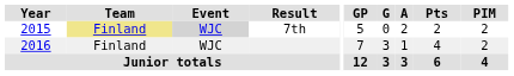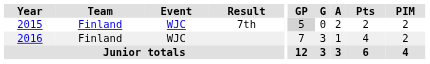 <table border="0" cellpadding="1" cellspacing="0" ID="Table3" style="text-align:center; width:40em">
 <tr ALIGN="center" bgcolor="#e0e0e0">
 <th>Year</th>
 <th>Team</th>
 <th>Event</th>
 <th>Result</th>
 <th rowspan="99" bgcolor="#ffffff"></th>
 <th>GP</th>
 <th>G</th>
 <th>A</th>
 <th>Pts</th>
 <th>PIM</th>
 </tr>
 <tr>
 <td><a href='#'>2015</a></td>
-<td style="background: khaki;"><a href='#'>Finland</a></td>
-<td style="background: lightgrey;"><a href='#'>WJC</a></td>
+<td><a href='#'>Finland</a></td>
+<td><a href='#'>WJC</a></td>
 <td>7th</td>
-<td>5</td>
+<td style="background: lightgrey;">5</td>
 <td>0</td>
 <td>2</td>
 <td>2</td>
 <td>2</td>
 </tr>
 <tr bgcolor="#f0f0f0">
 <td><a href='#'>2016</a></td>
 <td>Finland</td>
 <td>WJC</td>
 <td></td>
 <td>7</td>
 <td>3</td>
 <td>1</td>
 <td>4</td>
 <td>2</td>
 </tr>
 <tr bgcolor="#e0e0e0">
 <th colspan="4">Junior totals</th>
 <th>12</th>
 <th>3</th>
 <th>3</th>
 <th>6</th>
 <th>4</th>
 </tr>
 </table>
